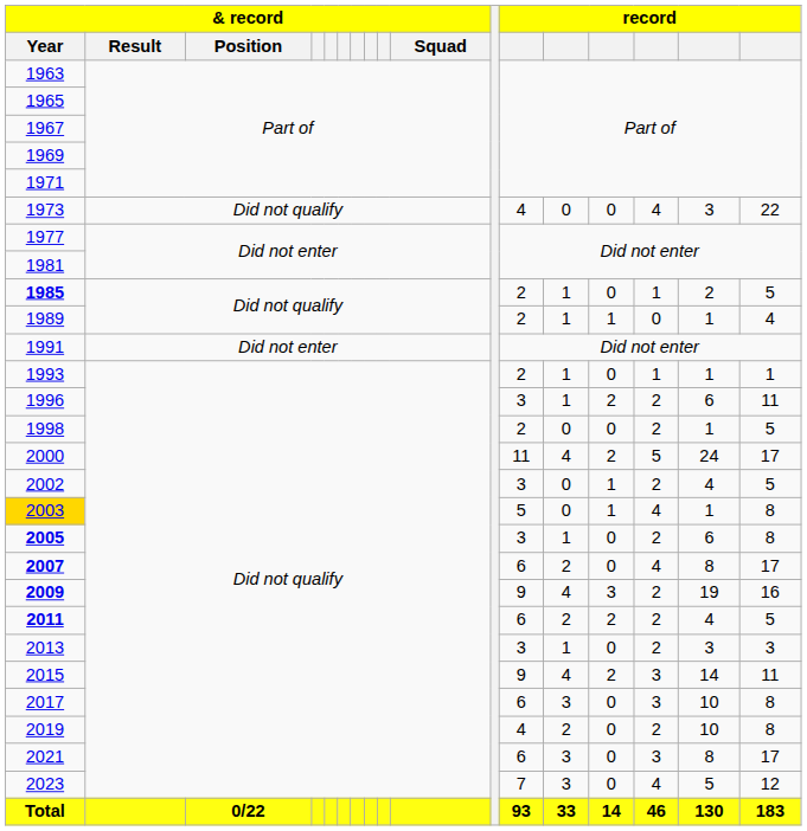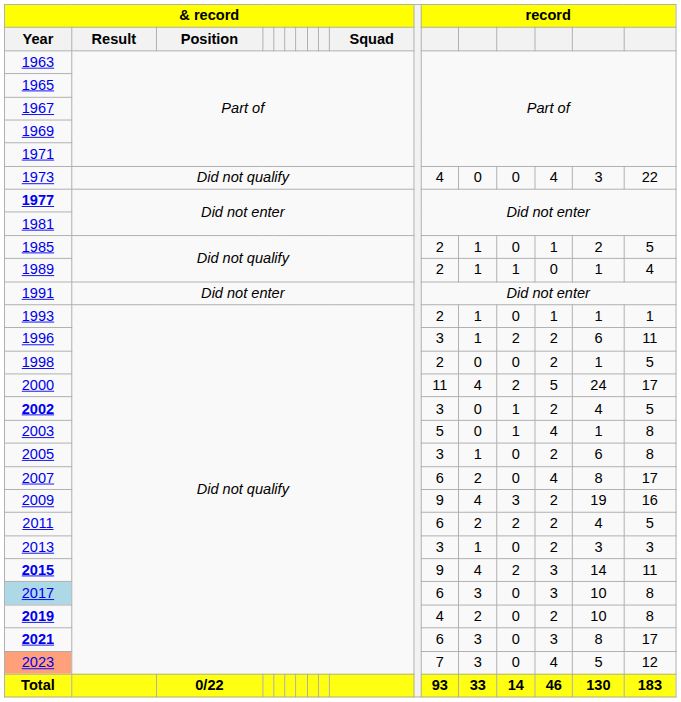 <table class="wikitable" style="text-align: center;">
 <tr>
 <th style="color:black; background:yellow;" colspan=10><a href='#'></a> & <a href='#'></a> record</th>
 <th style="width:1%;" rowspan=30></th>
 <th style="color:black; background:yellow;" colspan=6><a href='#'></a> record</th>
 </tr>
 <tr>
 <th>Year</th>
 <th>Result</th>
 <th>Position</th>
 <th></th>
 <th></th>
 <th></th>
 <th></th>
 <th></th>
 <th></th>
 <th>Squad</th>
 <th></th>
 <th></th>
 <th></th>
 <th></th>
 <th></th>
 <th></th>
 </tr>
 <tr>
 <td> <a href='#'>1963</a></td>
 <td colspan=9 rowspan=5><em>Part of </em></td>
 <td colspan=7 rowspan=5><em>Part of </em></td>
 </tr>
 <tr>
 <td> <a href='#'>1965</a></td>
 </tr>
 <tr>
 <td> <a href='#'>1967</a></td>
 </tr>
 <tr>
 <td> <a href='#'>1969</a></td>
 </tr>
 <tr>
 <td> <a href='#'>1971</a></td>
 </tr>
 <tr>
 <td> <a href='#'>1973</a></td>
 <td colspan=9><em>Did not qualify</em></td>
 <td>4</td>
 <td>0</td>
 <td>0</td>
 <td>4</td>
 <td>3</td>
 <td>22</td>
 </tr>
 <tr>
-<td> <a href='#'>1977</a></td>
+<td><strong> <a href='#'>1977</a></strong></td>
 <td colspan=9 rowspan=2><em>Did not enter</em></td>
 <td colspan=6 rowspan=2><em>Did not enter</em></td>
 </tr>
 <tr>
 <td> <a href='#'>1981</a></td>
 </tr>
 <tr>
-<td><strong><a href='#'>1985</a></strong></td>
+<td><a href='#'>1985</a></td>
 <td colspan=9 rowspan=2><em>Did not qualify</em></td>
 <td>2</td>
 <td>1</td>
 <td>0</td>
 <td>1</td>
 <td>2</td>
 <td>5</td>
 </tr>
 <tr>
 <td><a href='#'>1989</a></td>
 <td>2</td>
 <td>1</td>
 <td>1</td>
 <td>0</td>
 <td>1</td>
 <td>4</td>
 </tr>
 <tr>
 <td> <a href='#'>1991</a></td>
 <td colspan=9><em>Did not enter</em></td>
 <td colspan=6><em>Did not enter</em></td>
 </tr>
 <tr>
 <td>  <a href='#'>1993</a></td>
 <td colspan=9 rowspan=16><em>Did not qualify</em></td>
 <td>2</td>
 <td>1</td>
 <td>0</td>
 <td>1</td>
 <td>1</td>
 <td>1</td>
 </tr>
 <tr>
 <td> <a href='#'>1996</a></td>
 <td>3</td>
 <td>1</td>
 <td>2</td>
 <td>2</td>
 <td>6</td>
 <td>11</td>
 </tr>
 <tr>
 <td> <a href='#'>1998</a></td>
 <td>2</td>
 <td>0</td>
 <td>0</td>
 <td>2</td>
 <td>1</td>
 <td>5</td>
 </tr>
 <tr>
 <td> <a href='#'>2000</a></td>
 <td>11</td>
 <td>4</td>
 <td>2</td>
 <td>5</td>
 <td>24</td>
 <td>17</td>
 </tr>
 <tr>
-<td> <a href='#'>2002</a></td>
+<td><strong> <a href='#'>2002</a></strong></td>
 <td>3</td>
 <td>0</td>
 <td>1</td>
 <td>2</td>
 <td>4</td>
 <td>5</td>
 </tr>
 <tr>
-<td style="background: gold;">  <a href='#'>2003</a></td>
+<td>  <a href='#'>2003</a></td>
 <td>5</td>
 <td>0</td>
 <td>1</td>
 <td>4</td>
 <td>1</td>
 <td>8</td>
 </tr>
 <tr>
-<td><strong> <a href='#'>2005</a></strong></td>
+<td> <a href='#'>2005</a></td>
 <td>3</td>
 <td>1</td>
 <td>0</td>
 <td>2</td>
 <td>6</td>
 <td>8</td>
 </tr>
 <tr>
-<td><strong> <a href='#'>2007</a></strong></td>
+<td> <a href='#'>2007</a></td>
 <td>6</td>
 <td>2</td>
 <td>0</td>
 <td>4</td>
 <td>8</td>
 <td>17</td>
 </tr>
 <tr>
-<td><strong> <a href='#'>2009</a></strong></td>
+<td> <a href='#'>2009</a></td>
 <td>9</td>
 <td>4</td>
 <td>3</td>
 <td>2</td>
 <td>19</td>
 <td>16</td>
 </tr>
 <tr>
-<td><strong> <a href='#'>2011</a></strong></td>
+<td> <a href='#'>2011</a></td>
 <td>6</td>
 <td>2</td>
 <td>2</td>
 <td>2</td>
 <td>4</td>
 <td>5</td>
 </tr>
 <tr>
 <td> <a href='#'>2013</a></td>
 <td>3</td>
 <td>1</td>
 <td>0</td>
 <td>2</td>
 <td>3</td>
 <td>3</td>
 </tr>
 <tr>
-<td>  <a href='#'>2015</a></td>
+<td><strong>  <a href='#'>2015</a></strong></td>
 <td>9</td>
 <td>4</td>
 <td>2</td>
 <td>3</td>
 <td>14</td>
 <td>11</td>
 </tr>
 <tr>
-<td> <a href='#'>2017</a></td>
+<td style="background: lightblue;"> <a href='#'>2017</a></td>
 <td>6</td>
 <td>3</td>
 <td>0</td>
 <td>3</td>
 <td>10</td>
 <td>8</td>
 </tr>
 <tr>
-<td>   <a href='#'>2019</a></td>
+<td><strong>   <a href='#'>2019</a></strong></td>
 <td>4</td>
 <td>2</td>
 <td>0</td>
 <td>2</td>
 <td>10</td>
 <td>8</td>
 </tr>
 <tr>
-<td> <a href='#'>2021</a></td>
+<td><strong> <a href='#'>2021</a></strong></td>
 <td>6</td>
 <td>3</td>
 <td>0</td>
 <td>3</td>
 <td>8</td>
 <td>17</td>
 </tr>
 <tr>
-<td>  <a href='#'>2023</a></td>
+<td style="background: lightsalmon;">  <a href='#'>2023</a></td>
 <td>7</td>
 <td>3</td>
 <td>0</td>
 <td>4</td>
 <td>5</td>
 <td>12</td>
 </tr>
 <tr style="color:black;">
 <th style="background:#FFFF11;">Total</th>
 <th style="background:#FFFF11;"></th>
 <th style="background:#FFFF11;">0/22</th>
 <th style="background:#FFFF11;"></th>
 <th style="background:#FFFF11;"></th>
 <th style="background:#FFFF11;"></th>
 <th style="background:#FFFF11;"></th>
 <th style="background:#FFFF11;"></th>
 <th style="background:#FFFF11;"></th>
 <th style="background:#FFFF11;"></th>
 <th style="background:#FFFF11;">93</th>
 <th style="background:#FFFF11;">33</th>
 <th style="background:#FFFF11;">14</th>
 <th style="background:#FFFF11;">46</th>
 <th style="background:#FFFF11;">130</th>
 <th style="background:#FFFF11;">183</th>
 </tr>
 </table>
